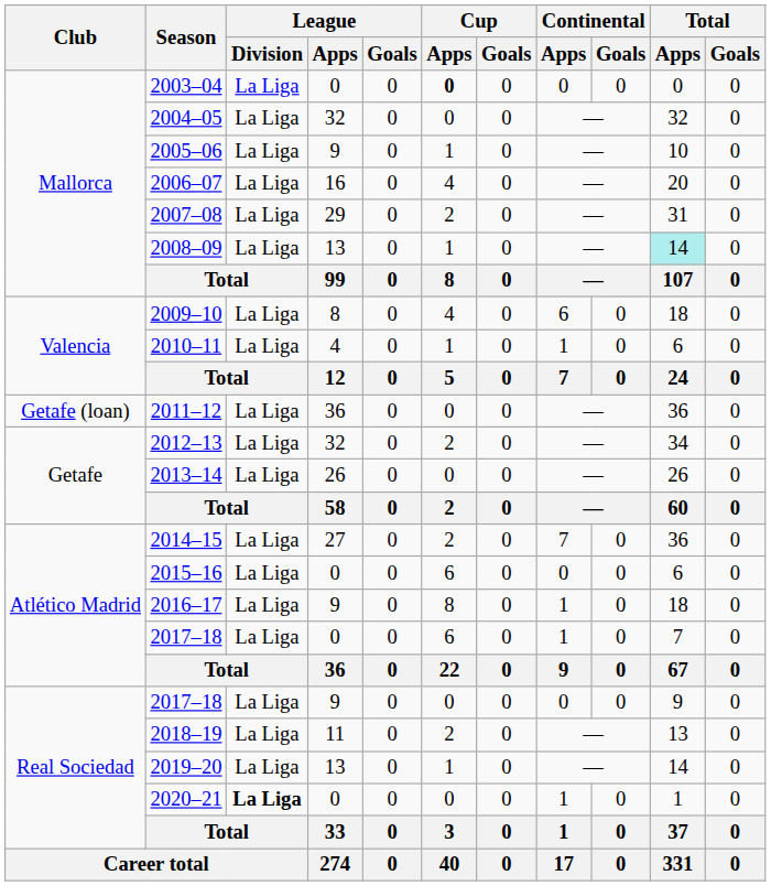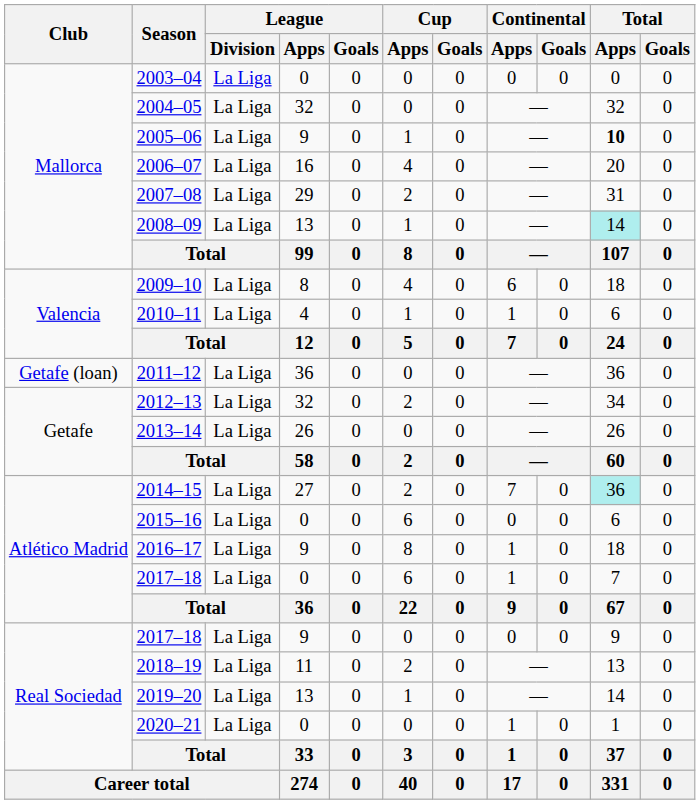 <table class="wikitable" style="text-align:center">
 <tr>
 <th rowspan="2">Club</th>
 <th rowspan="2">Season</th>
 <th colspan="3">League</th>
 <th colspan="2">Cup</th>
 <th colspan="2">Continental</th>
 <th colspan="2">Total</th>
 </tr>
 <tr>
 <th>Division</th>
 <th>Apps</th>
 <th>Goals</th>
 <th>Apps</th>
 <th>Goals</th>
 <th>Apps</th>
 <th>Goals</th>
 <th>Apps</th>
 <th>Goals</th>
 </tr>
 <tr>
 <td rowspan="7"><a href='#'>Mallorca</a></td>
 <td><a href='#'>2003–04</a></td>
 <td><a href='#'>La Liga</a></td>
 <td>0</td>
 <td>0</td>
-<td><strong>0</strong></td>
+<td>0</td>
 <td>0</td>
 <td>0</td>
 <td>0</td>
 <td>0</td>
 <td>0</td>
 </tr>
 <tr>
 <td><a href='#'>2004–05</a></td>
 <td>La Liga</td>
 <td>32</td>
 <td>0</td>
 <td>0</td>
 <td>0</td>
 <td colspan="2">—</td>
 <td>32</td>
 <td>0</td>
 </tr>
 <tr>
 <td><a href='#'>2005–06</a></td>
 <td>La Liga</td>
 <td>9</td>
 <td>0</td>
 <td>1</td>
 <td>0</td>
 <td colspan="2">—</td>
-<td>10</td>
+<td><strong>10</strong></td>
 <td>0</td>
 </tr>
 <tr>
 <td><a href='#'>2006–07</a></td>
 <td>La Liga</td>
 <td>16</td>
 <td>0</td>
 <td>4</td>
 <td>0</td>
 <td colspan="2">—</td>
 <td>20</td>
 <td>0</td>
 </tr>
 <tr>
 <td><a href='#'>2007–08</a></td>
 <td>La Liga</td>
 <td>29</td>
 <td>0</td>
 <td>2</td>
 <td>0</td>
 <td colspan="2">—</td>
 <td>31</td>
 <td>0</td>
 </tr>
 <tr>
 <td><a href='#'>2008–09</a></td>
 <td>La Liga</td>
 <td>13</td>
 <td>0</td>
 <td>1</td>
 <td>0</td>
 <td colspan="2">—</td>
 <td style="background: paleturquoise;">14</td>
 <td>0</td>
 </tr>
 <tr>
 <th colspan="2">Total</th>
 <th>99</th>
 <th>0</th>
 <th>8</th>
 <th>0</th>
 <th colspan="2">—</th>
 <th>107</th>
 <th>0</th>
 </tr>
 <tr>
 <td rowspan="3"><a href='#'>Valencia</a></td>
 <td><a href='#'>2009–10</a></td>
 <td>La Liga</td>
 <td>8</td>
 <td>0</td>
 <td>4</td>
 <td>0</td>
 <td>6</td>
 <td>0</td>
 <td>18</td>
 <td>0</td>
 </tr>
 <tr>
 <td><a href='#'>2010–11</a></td>
 <td>La Liga</td>
 <td>4</td>
 <td>0</td>
 <td>1</td>
 <td>0</td>
 <td>1</td>
 <td>0</td>
 <td>6</td>
 <td>0</td>
 </tr>
 <tr>
 <th colspan="2">Total</th>
 <th>12</th>
 <th>0</th>
 <th>5</th>
 <th>0</th>
 <th>7</th>
 <th>0</th>
 <th>24</th>
 <th>0</th>
 </tr>
 <tr>
 <td><a href='#'>Getafe</a> (loan)</td>
 <td><a href='#'>2011–12</a></td>
 <td>La Liga</td>
 <td>36</td>
 <td>0</td>
 <td>0</td>
 <td>0</td>
 <td colspan="2">—</td>
 <td>36</td>
 <td>0</td>
 </tr>
 <tr>
 <td rowspan="3">Getafe</td>
 <td><a href='#'>2012–13</a></td>
 <td>La Liga</td>
 <td>32</td>
 <td>0</td>
 <td>2</td>
 <td>0</td>
 <td colspan="2">—</td>
 <td>34</td>
 <td>0</td>
 </tr>
 <tr>
 <td><a href='#'>2013–14</a></td>
 <td>La Liga</td>
 <td>26</td>
 <td>0</td>
 <td>0</td>
 <td>0</td>
 <td colspan="2">—</td>
 <td>26</td>
 <td>0</td>
 </tr>
 <tr>
 <th colspan="2">Total</th>
 <th>58</th>
 <th>0</th>
 <th>2</th>
 <th>0</th>
 <th colspan="2">—</th>
 <th>60</th>
 <th>0</th>
 </tr>
 <tr>
 <td rowspan="5"><a href='#'>Atlético Madrid</a></td>
 <td><a href='#'>2014–15</a></td>
 <td>La Liga</td>
 <td>27</td>
 <td>0</td>
 <td>2</td>
 <td>0</td>
 <td>7</td>
 <td>0</td>
-<td>36</td>
+<td style="background: paleturquoise;">36</td>
 <td>0</td>
 </tr>
 <tr>
 <td><a href='#'>2015–16</a></td>
 <td>La Liga</td>
 <td>0</td>
 <td>0</td>
 <td>6</td>
 <td>0</td>
 <td>0</td>
 <td>0</td>
 <td>6</td>
 <td>0</td>
 </tr>
 <tr>
 <td><a href='#'>2016–17</a></td>
 <td>La Liga</td>
 <td>9</td>
 <td>0</td>
 <td>8</td>
 <td>0</td>
 <td>1</td>
 <td>0</td>
 <td>18</td>
 <td>0</td>
 </tr>
 <tr>
 <td><a href='#'>2017–18</a></td>
 <td>La Liga</td>
 <td>0</td>
 <td>0</td>
 <td>6</td>
 <td>0</td>
 <td>1</td>
 <td>0</td>
 <td>7</td>
 <td>0</td>
 </tr>
 <tr>
 <th colspan="2">Total</th>
 <th>36</th>
 <th>0</th>
 <th>22</th>
 <th>0</th>
 <th>9</th>
 <th>0</th>
 <th>67</th>
 <th>0</th>
 </tr>
 <tr>
 <td rowspan="5"><a href='#'>Real Sociedad</a></td>
 <td><a href='#'>2017–18</a></td>
 <td>La Liga</td>
 <td>9</td>
 <td>0</td>
 <td>0</td>
 <td>0</td>
 <td>0</td>
 <td>0</td>
 <td>9</td>
 <td>0</td>
 </tr>
 <tr>
 <td><a href='#'>2018–19</a></td>
 <td>La Liga</td>
 <td>11</td>
 <td>0</td>
 <td>2</td>
 <td>0</td>
 <td colspan="2">—</td>
 <td>13</td>
 <td>0</td>
 </tr>
 <tr>
 <td><a href='#'>2019–20</a></td>
 <td>La Liga</td>
 <td>13</td>
 <td>0</td>
 <td>1</td>
 <td>0</td>
 <td colspan="2">—</td>
 <td>14</td>
 <td>0</td>
 </tr>
 <tr>
 <td><a href='#'>2020–21</a></td>
-<td><strong>La Liga</strong></td>
+<td>La Liga</td>
 <td>0</td>
 <td>0</td>
 <td>0</td>
 <td>0</td>
 <td>1</td>
 <td>0</td>
 <td>1</td>
 <td>0</td>
 </tr>
 <tr>
 <th colspan="2">Total</th>
 <th>33</th>
 <th>0</th>
 <th>3</th>
 <th>0</th>
 <th>1</th>
 <th>0</th>
 <th>37</th>
 <th>0</th>
 </tr>
 <tr>
 <th colspan="3">Career total</th>
 <th>274</th>
 <th>0</th>
 <th>40</th>
 <th>0</th>
 <th>17</th>
 <th>0</th>
 <th>331</th>
 <th>0</th>
 </tr>
 </table>
